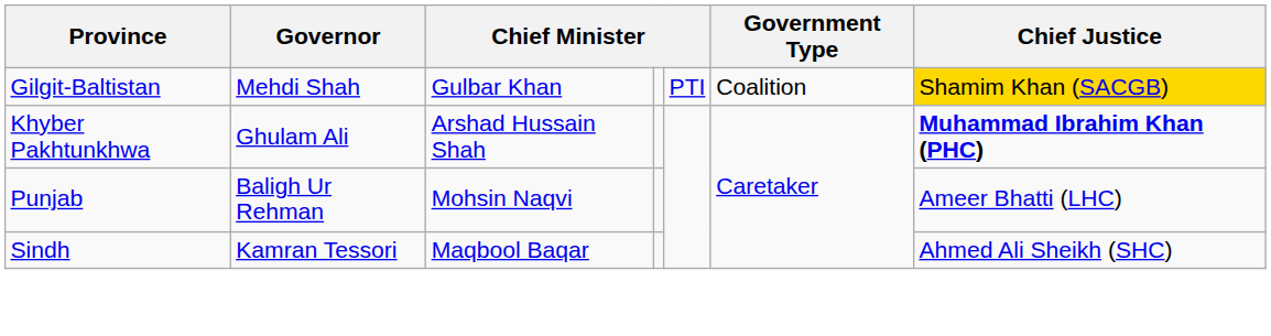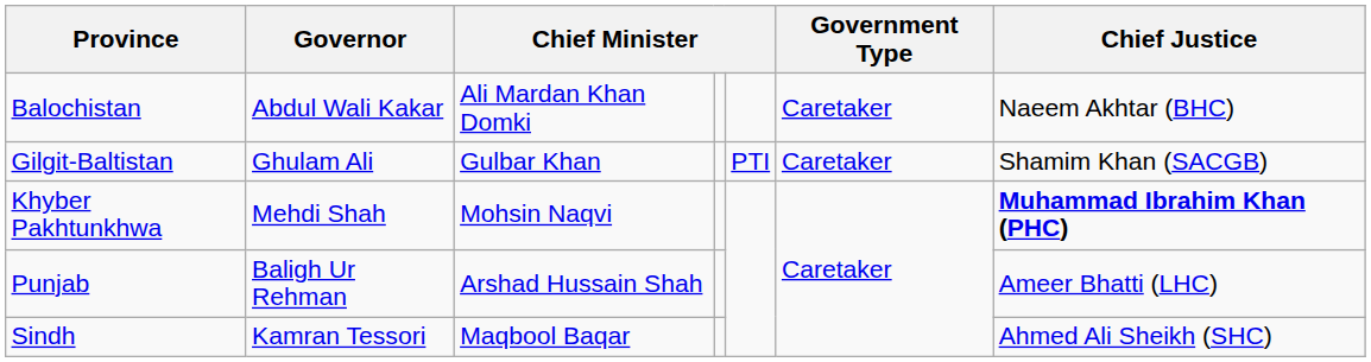 <table class="wikitable">
 <tr>
 <th>Province</th>
 <th>Governor</th>
 <th colspan="3">Chief Minister</th>
 <th>Government Type</th>
 <th>Chief Justice</th>
 </tr>
 <tr>
+<td><a href='#'>Balochistan</a></td>
+<td><a href='#'>Abdul Wali Kakar</a></td>
+<td><a href='#'>Ali Mardan Khan Domki</a></td>
+<td></td>
+<td></td>
+<td><a href='#'>Caretaker</a></td>
+<td>Naeem Akhtar (<a href='#'>BHC</a>)</td>
+</tr>
+<tr>
 <td><a href='#'>Gilgit-Baltistan</a></td>
-<td><a href='#'>Mehdi Shah</a></td>
+<td><a href='#'>Ghulam Ali</a></td>
 <td><a href='#'>Gulbar Khan</a></td>
 <td style="background-color: "></td>
 <td><a href='#'>PTI</a></td>
-<td>Coalition</td>
-<td style="background: gold;">Shamim Khan (<a href='#'>SACGB</a>)</td>
+<td><a href='#'>Caretaker</a></td>
+<td>Shamim Khan (<a href='#'>SACGB</a>)</td>
 </tr>
 <tr>
 <td><a href='#'>Khyber Pakhtunkhwa</a></td>
-<td><a href='#'>Ghulam Ali</a></td>
-<td><a href='#'>Arshad Hussain Shah</a></td>
+<td><a href='#'>Mehdi Shah</a></td>
+<td><a href='#'>Mohsin Naqvi</a></td>
 <td></td>
 <td rowspan="3"></td>
 <td rowspan="3"><a href='#'>Caretaker</a></td>
 <td><strong><a href='#'>Muhammad Ibrahim Khan</a> (<a href='#'>PHC</a>)</strong></td>
 </tr>
 <tr>
 <td><a href='#'>Punjab</a></td>
 <td><a href='#'>Baligh Ur Rehman</a></td>
-<td><a href='#'>Mohsin Naqvi</a></td>
+<td><a href='#'>Arshad Hussain Shah</a></td>
 <td></td>
 <td><a href='#'>Ameer Bhatti</a> (<a href='#'>LHC</a>)</td>
 </tr>
 <tr>
 <td><a href='#'>Sindh</a></td>
 <td><a href='#'>Kamran Tessori</a></td>
 <td><a href='#'>Maqbool Baqar</a></td>
 <td></td>
 <td><a href='#'>Ahmed Ali Sheikh</a> (<a href='#'>SHC</a>)</td>
 </tr>
 </table>
